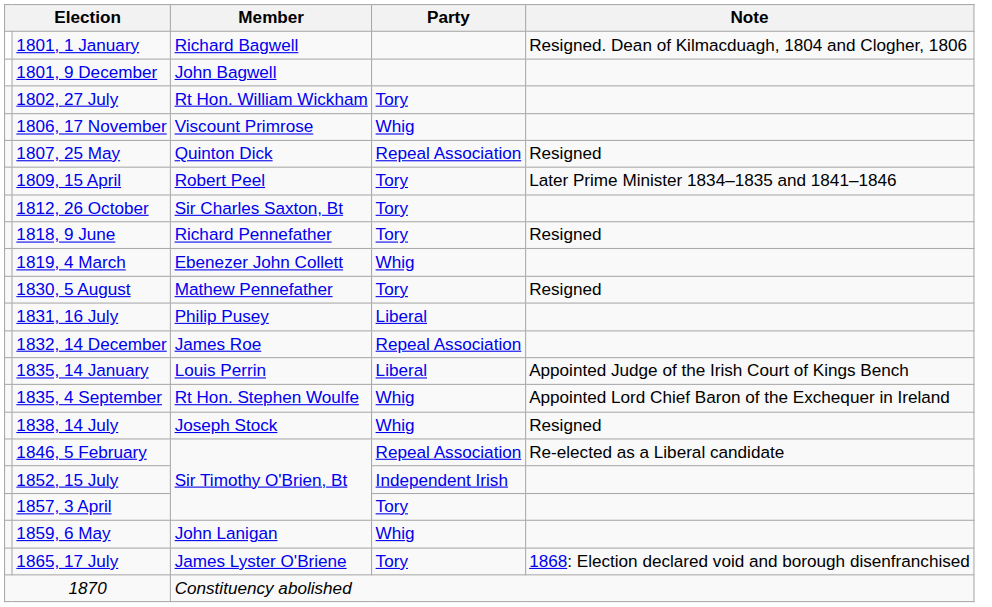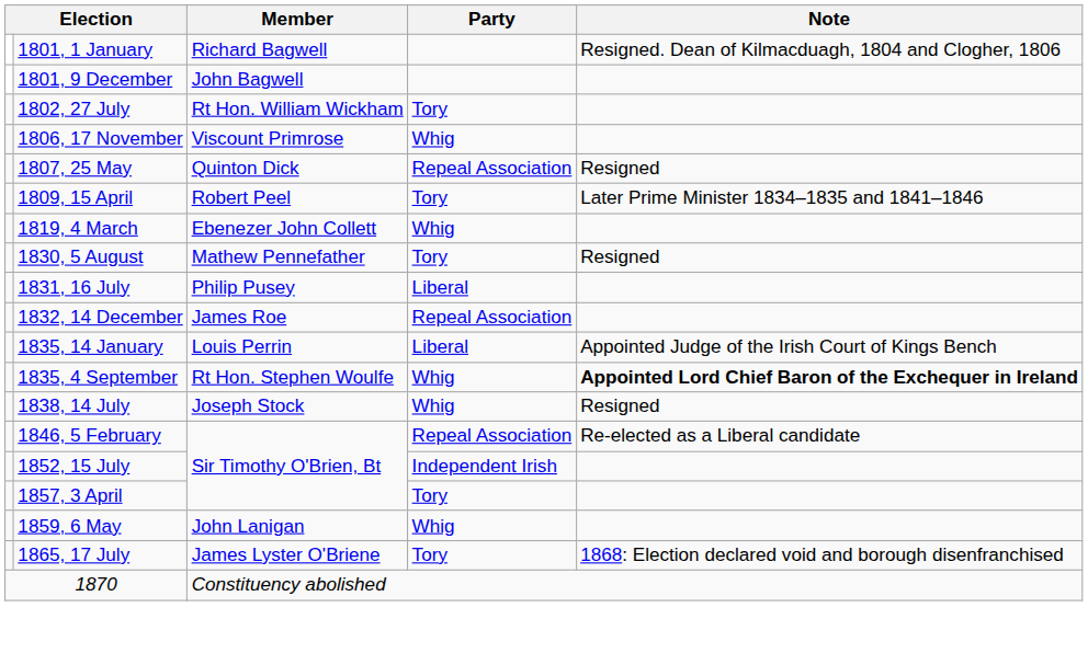 <table class="wikitable">
 <tr>
 <th colspan="2">Election</th>
 <th>Member</th>
 <th>Party</th>
 <th>Note</th>
 </tr>
 <tr>
 <td style="color:inherit;background-color: white"></td>
 <td><a href='#'>1801, 1 January</a></td>
 <td><a href='#'>Richard Bagwell</a></td>
 <td></td>
 <td>Resigned. Dean of Kilmacduagh, 1804 and Clogher, 1806</td>
 </tr>
 <tr>
 <td style="color:inherit;background-color: white"></td>
 <td><a href='#'>1801, 9 December</a></td>
 <td><a href='#'>John Bagwell</a></td>
 <td></td>
 <td></td>
 </tr>
 <tr>
 <td style="color:inherit;background-color: "></td>
 <td><a href='#'>1802, 27 July</a></td>
 <td><a href='#'>Rt Hon. William Wickham</a></td>
 <td><a href='#'>Tory</a></td>
 <td></td>
 </tr>
 <tr>
 <td style="color:inherit;background-color: "></td>
 <td><a href='#'>1806, 17 November</a></td>
 <td><a href='#'>Viscount Primrose</a></td>
 <td><a href='#'>Whig</a></td>
 <td></td>
 </tr>
 <tr>
 <td style="color:inherit;background-color: "></td>
 <td><a href='#'>1807, 25 May</a></td>
 <td><a href='#'>Quinton Dick</a></td>
 <td><a href='#'>Repeal Association</a></td>
 <td>Resigned</td>
 </tr>
 <tr>
 <td style="color:inherit;background-color: "></td>
 <td><a href='#'>1809, 15 April</a></td>
 <td><a href='#'>Robert Peel</a></td>
 <td><a href='#'>Tory</a></td>
 <td>Later Prime Minister 1834–1835 and 1841–1846</td>
 </tr>
 <tr>
 <td style="color:inherit;background-color: "></td>
-<td><a href='#'>1812, 26 October</a></td>
-<td><a href='#'>Sir Charles Saxton, Bt</a></td>
-<td><a href='#'>Tory</a></td>
-<td></td>
-</tr>
-<tr>
-<td style="color:inherit;background-color: "></td>
-<td><a href='#'>1818, 9 June</a></td>
-<td><a href='#'>Richard Pennefather</a></td>
-<td><a href='#'>Tory</a></td>
-<td>Resigned</td>
-</tr>
-<tr>
-<td style="color:inherit;background-color: "></td>
 <td><a href='#'>1819, 4 March</a></td>
 <td><a href='#'>Ebenezer John Collett</a></td>
 <td><a href='#'>Whig</a></td>
 <td></td>
 </tr>
 <tr>
 <td style="color:inherit;background-color: "></td>
 <td><a href='#'>1830, 5 August</a></td>
 <td><a href='#'>Mathew Pennefather</a></td>
 <td><a href='#'>Tory</a></td>
 <td>Resigned</td>
 </tr>
 <tr>
 <td style="color:inherit;background-color: "></td>
 <td><a href='#'>1831, 16 July</a></td>
 <td><a href='#'>Philip Pusey</a></td>
 <td><a href='#'>Liberal</a></td>
 <td></td>
 </tr>
 <tr>
 <td style="color:inherit;background-color: "></td>
 <td><a href='#'>1832, 14 December</a></td>
 <td><a href='#'>James Roe</a></td>
 <td><a href='#'>Repeal Association</a></td>
 <td></td>
 </tr>
 <tr>
 <td style="color:inherit;background-color: "></td>
 <td><a href='#'>1835, 14 January</a></td>
 <td><a href='#'>Louis Perrin</a></td>
 <td><a href='#'>Liberal</a></td>
 <td>Appointed Judge of the Irish Court of Kings Bench</td>
 </tr>
 <tr>
 <td style="color:inherit;background-color: "></td>
 <td><a href='#'>1835, 4 September</a></td>
 <td><a href='#'>Rt Hon. Stephen Woulfe</a></td>
 <td><a href='#'>Whig</a></td>
-<td>Appointed Lord Chief Baron of the Exchequer in Ireland</td>
+<td><strong>Appointed Lord Chief Baron of the Exchequer in Ireland</strong></td>
 </tr>
 <tr>
 <td style="color:inherit;background-color: "></td>
 <td><a href='#'>1838, 14 July</a></td>
 <td><a href='#'>Joseph Stock</a></td>
 <td><a href='#'>Whig</a></td>
 <td>Resigned</td>
 </tr>
 <tr>
 <td style="color:inherit;background-color: "></td>
 <td><a href='#'>1846, 5 February</a></td>
 <td rowspan="3"><a href='#'>Sir Timothy O'Brien, Bt</a></td>
 <td><a href='#'>Repeal Association</a></td>
 <td>Re-elected as a Liberal candidate</td>
 </tr>
 <tr>
 <td style="color:inherit;background-color: "></td>
 <td><a href='#'>1852, 15 July</a></td>
 <td><a href='#'>Independent Irish</a></td>
 <td></td>
 </tr>
 <tr>
 <td style="color:inherit;background-color: "></td>
 <td><a href='#'>1857, 3 April</a></td>
 <td><a href='#'>Tory</a></td>
 <td></td>
 </tr>
 <tr>
 <td style="color:inherit;background-color: "></td>
 <td><a href='#'>1859, 6 May</a></td>
 <td><a href='#'>John Lanigan</a></td>
 <td><a href='#'>Whig</a></td>
 <td></td>
 </tr>
 <tr>
 <td style="color:inherit;background-color: "></td>
 <td><a href='#'>1865, 17 July</a></td>
 <td><a href='#'>James Lyster O'Briene</a></td>
 <td><a href='#'>Tory</a></td>
 <td><a href='#'>1868</a>: Election declared void and borough disenfranchised</td>
 </tr>
 <tr>
 <td colspan="2" align="center"><em>1870</em></td>
 <td colspan="3"><em>Constituency abolished</em></td>
 </tr>
 </table>
